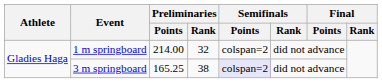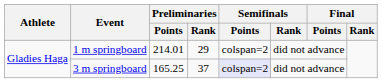 <table class=wikitable style="font-size:90%;">
 <tr>
 <th rowspan="2">Athlete</th>
 <th rowspan="2">Event</th>
 <th colspan="2">Preliminaries</th>
 <th colspan="2">Semifinals</th>
 <th colspan="2">Final</th>
 </tr>
 <tr style="font-size:95%">
 <th>Points</th>
 <th>Rank</th>
 <th>Points</th>
 <th>Rank</th>
 <th>Points</th>
 <th>Rank</th>
 </tr>
 <tr align=center>
 <td rowspan="2" align=left><a href='#'>Gladies Haga</a></td>
 <td align=left><a href='#'>1 m springboard</a></td>
-<td>214.00</td>
-<td>32</td>
+<td>214.01</td>
+<td>29</td>
 <td>colspan=2 </td>
 <td colspan=2>did not advance</td>
 </tr>
 <tr align=center>
 <td align=left><a href='#'>3 m springboard</a></td>
 <td>165.25</td>
-<td>38</td>
+<td>37</td>
 <td style="background: lavender;">colspan=2 </td>
 <td colspan=2>did not advance</td>
 </tr>
 </table>
